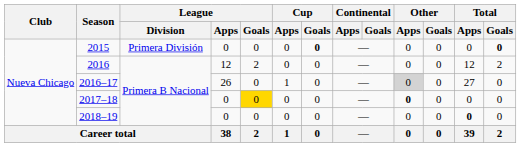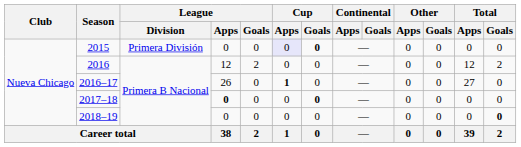 <table class="wikitable" style="text-align:center">
 <tr>
 <th rowspan="2">Club</th>
 <th rowspan="2">Season</th>
 <th colspan="3">League</th>
 <th colspan="2">Cup</th>
 <th colspan="2">Continental</th>
 <th colspan="2">Other</th>
 <th colspan="2">Total</th>
 </tr>
 <tr>
 <th>Division</th>
 <th>Apps</th>
 <th>Goals</th>
 <th>Apps</th>
 <th>Goals</th>
 <th>Apps</th>
 <th>Goals</th>
 <th>Apps</th>
 <th>Goals</th>
 <th>Apps</th>
 <th>Goals</th>
 </tr>
 <tr>
 <td rowspan="5"><a href='#'>Nueva Chicago</a></td>
 <td><a href='#'>2015</a></td>
 <td rowspan="1"><a href='#'>Primera División</a></td>
 <td>0</td>
 <td>0</td>
-<td>0</td>
+<td style="background: lavender;">0</td>
 <td><strong>0</strong></td>
 <td colspan="2">—</td>
 <td>0</td>
 <td>0</td>
 <td>0</td>
-<td><strong>0</strong></td>
+<td>0</td>
 </tr>
 <tr>
 <td><a href='#'>2016</a></td>
 <td rowspan="4"><a href='#'>Primera B Nacional</a></td>
 <td>12</td>
 <td>2</td>
 <td>0</td>
 <td>0</td>
 <td colspan="2">—</td>
 <td>0</td>
 <td>0</td>
 <td>12</td>
 <td>2</td>
 </tr>
 <tr>
 <td><a href='#'>2016–17</a></td>
 <td>26</td>
 <td>0</td>
-<td>1</td>
+<td><strong>1</strong></td>
 <td>0</td>
 <td colspan="2">—</td>
-<td style="background: lightgrey;">0</td>
+<td>0</td>
 <td>0</td>
 <td>27</td>
 <td>0</td>
 </tr>
 <tr>
 <td><a href='#'>2017–18</a></td>
-<td>0</td>
-<td style="background: gold;">0</td>
+<td><strong>0</strong></td>
 <td>0</td>
 <td>0</td>
+<td><strong>0</strong></td>
 <td colspan="2">—</td>
-<td><strong>0</strong></td>
+<td>0</td>
 <td>0</td>
 <td>0</td>
 <td>0</td>
 </tr>
 <tr>
 <td><a href='#'>2018–19</a></td>
 <td>0</td>
 <td>0</td>
 <td>0</td>
 <td>0</td>
 <td colspan="2">—</td>
 <td>0</td>
 <td>0</td>
+<td>0</td>
 <td><strong>0</strong></td>
-<td>0</td>
 </tr>
 <tr>
 <th colspan="3">Career total</th>
 <th>38</th>
 <th>2</th>
 <th>1</th>
 <th>0</th>
 <th colspan="2">—</th>
 <th>0</th>
 <th>0</th>
 <th>39</th>
 <th>2</th>
 </tr>
 </table>
